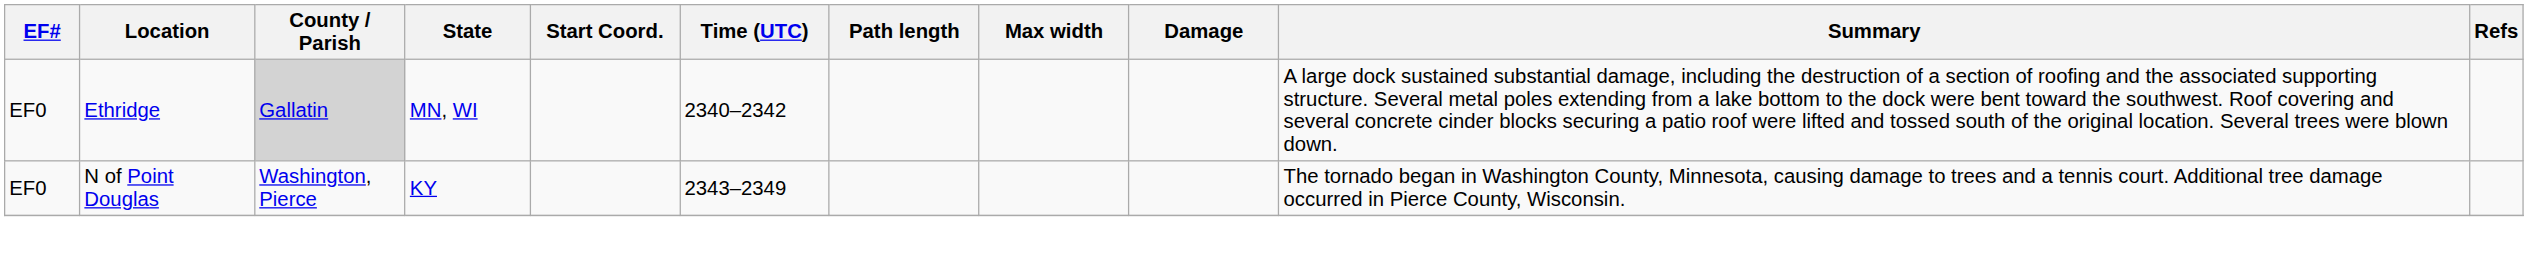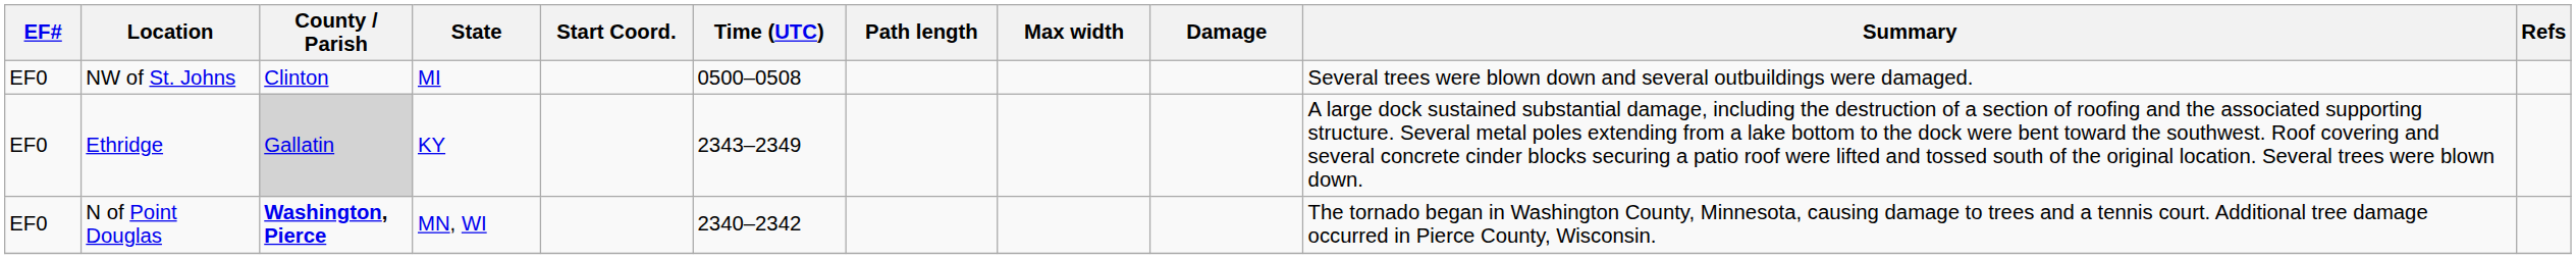 <table class="wikitable sortable" style="width:100%;">
 <tr>
 <th scope="col" width="3%" align="center"><a href='#'>EF#</a></th>
 <th scope="col" width="7%" align="center" class="unsortable">Location</th>
 <th scope="col" width="6%" align="center" class="unsortable">County / Parish</th>
 <th scope="col" width="5%" align="center">State</th>
 <th scope="col" width="6%" align="center">Start Coord.</th>
 <th scope="col" width="6%" align="center">Time (<a href='#'>UTC</a>)</th>
 <th scope="col" width="6%" align="center">Path length</th>
 <th scope="col" width="6%" align="center">Max width</th>
 <th scope="col" width="6%" align="center">Damage</th>
 <th scope="col" width="48%" class="unsortable" align="center">Summary</th>
 <th scope="col" width="48%" class="unsortable" align="center">Refs</th>
 </tr>
 <tr>
 <td>EF0</td>
+<td>NW of <a href='#'>St. Johns</a></td>
+<td><a href='#'>Clinton</a></td>
+<td><a href='#'>MI</a></td>
+<td></td>
+<td>0500–0508</td>
+<td></td>
+<td></td>
+<td></td>
+<td>Several trees were blown down and several outbuildings were damaged.</td>
+<td></td>
+</tr>
+<tr>
+<td>EF0</td>
 <td><a href='#'>Ethridge</a></td>
 <td style="background: lightgrey;"><a href='#'>Gallatin</a></td>
-<td><a href='#'>MN</a>, <a href='#'>WI</a></td>
+<td><a href='#'>KY</a></td>
 <td></td>
-<td>2340–2342</td>
+<td>2343–2349</td>
 <td></td>
 <td></td>
 <td></td>
 <td>A large dock sustained substantial damage, including the destruction of a section of roofing and the associated supporting structure. Several metal poles extending from a lake bottom to the dock were bent toward the southwest. Roof covering and several concrete cinder blocks securing a patio roof were lifted and tossed  south of the original location. Several trees were blown down.</td>
 <td></td>
 </tr>
 <tr>
 <td>EF0</td>
 <td>N of <a href='#'>Point Douglas</a></td>
-<td><a href='#'>Washington</a>, <a href='#'>Pierce</a></td>
-<td><a href='#'>KY</a></td>
+<td><strong><a href='#'>Washington</a>, <a href='#'>Pierce</a></strong></td>
+<td><a href='#'>MN</a>, <a href='#'>WI</a></td>
 <td></td>
-<td>2343–2349</td>
+<td>2340–2342</td>
 <td></td>
 <td></td>
 <td></td>
 <td>The tornado began in Washington County, Minnesota, causing damage to trees and a tennis court. Additional tree damage occurred in Pierce County, Wisconsin.</td>
 <td></td>
 </tr>
 <tr>
 </tr>
 </table>
